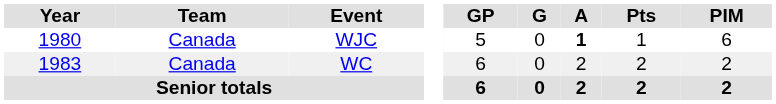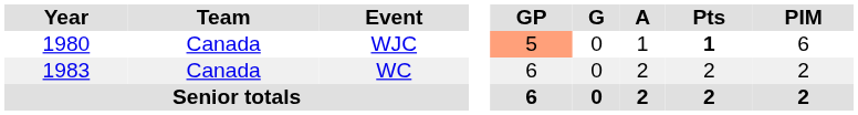 <table border="0" cellpadding="1" cellspacing="0" style="text-align:center; width:40em">
 <tr ALIGN="center" bgcolor="#e0e0e0">
 <th>Year</th>
 <th>Team</th>
 <th>Event</th>
 <th rowspan="99" bgcolor="#ffffff"> </th>
 <th>GP</th>
 <th>G</th>
 <th>A</th>
 <th>Pts</th>
 <th>PIM</th>
 </tr>
 <tr>
 <td><a href='#'>1980</a></td>
 <td><a href='#'>Canada</a></td>
 <td><a href='#'>WJC</a></td>
-<td>5</td>
+<td style="background: lightsalmon;">5</td>
 <td>0</td>
+<td>1</td>
 <td><strong>1</strong></td>
-<td>1</td>
 <td>6</td>
 </tr>
 <tr style="background:#f0f0f0;">
 <td><a href='#'>1983</a></td>
 <td><a href='#'>Canada</a></td>
 <td><a href='#'>WC</a></td>
 <td>6</td>
 <td>0</td>
 <td>2</td>
 <td>2</td>
 <td>2</td>
 </tr>
 <tr style="background:#e0e0e0;">
 <th colspan="3">Senior totals</th>
 <th>6</th>
 <th>0</th>
 <th>2</th>
 <th>2</th>
 <th>2</th>
 </tr>
 </table>
